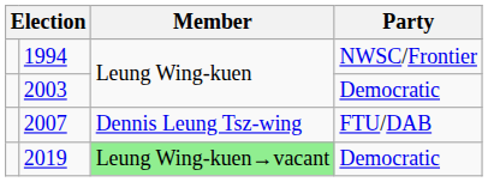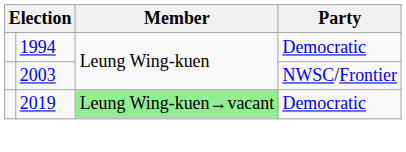 <table class="wikitable">
 <tr>
 <th colspan="2">Election</th>
 <th>Member</th>
 <th>Party</th>
 </tr>
 <tr>
 <td style="background-color: "></td>
 <td><a href='#'>1994</a></td>
 <td rowspan=2>Leung Wing-kuen</td>
-<td><a href='#'>NWSC</a>/<a href='#'>Frontier</a></td>
+<td><a href='#'>Democratic</a></td>
 </tr>
 <tr>
 <td style="background-color: "></td>
 <td><a href='#'>2003</a></td>
-<td><a href='#'>Democratic</a></td>
-</tr>
-<tr>
-<td style="background-color: "></td>
-<td><a href='#'>2007</a></td>
-<td><a href='#'>Dennis Leung Tsz-wing</a></td>
-<td><a href='#'>FTU</a>/<a href='#'>DAB</a></td>
+<td><a href='#'>NWSC</a>/<a href='#'>Frontier</a></td>
 </tr>
 <tr>
 <td style="background-color: "></td>
 <td><a href='#'>2019</a></td>
 <td style="background: lightgreen;">Leung Wing-kuen→vacant</td>
 <td><a href='#'>Democratic</a></td>
 </tr>
 </table>
